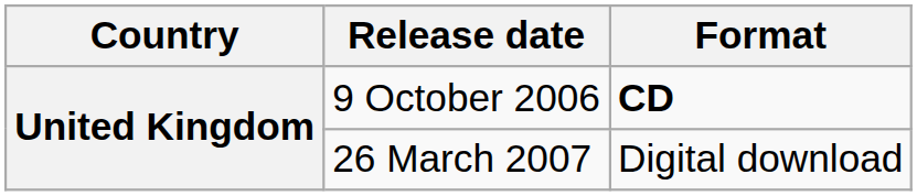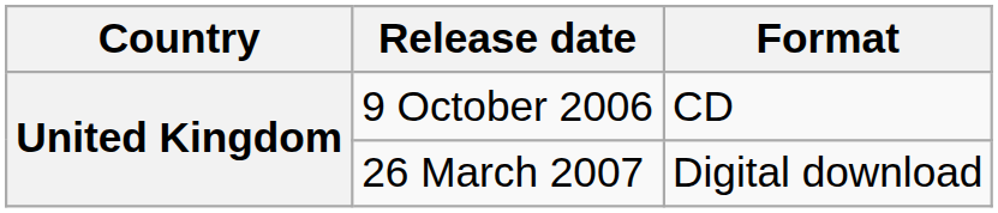 <table class="wikitable plainrowheaders">
 <tr>
 <th scope="col">Country</th>
 <th scope="col">Release date</th>
 <th scope="col">Format</th>
 </tr>
 <tr>
 <th scope="row" rowspan="2">United Kingdom</th>
 <td>9 October 2006</td>
-<td><strong>CD</strong></td>
+<td>CD</td>
 </tr>
 <tr>
 <td>26 March 2007</td>
 <td>Digital download</td>
 </tr>
 </table>
